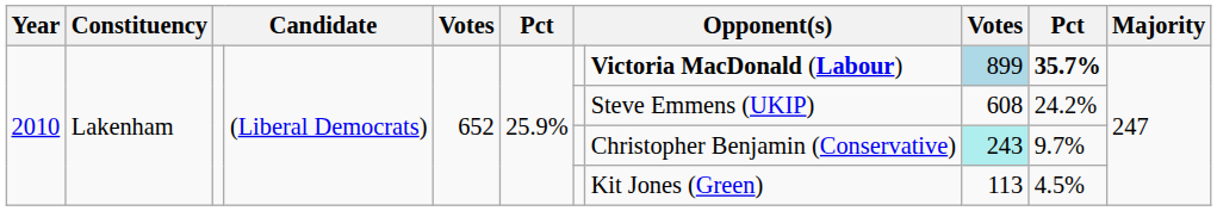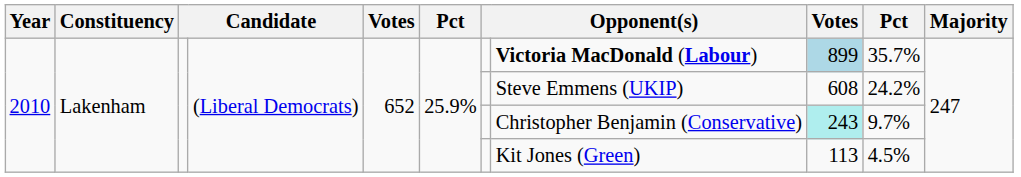 <table class="wikitable" style="margin:0.5em ; font-size:95%">
 <tr>
 <th>Year</th>
 <th>Constituency</th>
 <th colspan=2>Candidate</th>
 <th>Votes</th>
 <th>Pct</th>
 <th colspan=2>Opponent(s)</th>
 <th>Votes</th>
 <th>Pct</th>
 <th>Majority</th>
 </tr>
 <tr>
 <td rowspan=4><a href='#'>2010</a></td>
 <td rowspan=4>Lakenham</td>
 <td rowspan=4 ></td>
 <td rowspan=4> (<a href='#'>Liberal Democrats</a>)</td>
 <td rowspan=4 align="right">652</td>
 <td rowspan=4>25.9%</td>
 <td></td>
 <td><strong>Victoria MacDonald</strong> (<a href='#'><strong>Labour</strong></a>)</td>
 <td align="right" style="background: lightblue;">899</td>
-<td><strong>35.7%</strong></td>
+<td>35.7%</td>
 <td rowspan=4>247</td>
 </tr>
 <tr>
 <td></td>
 <td>Steve Emmens (<a href='#'>UKIP</a>)</td>
 <td align="right">608</td>
 <td>24.2%</td>
 </tr>
 <tr>
 <td></td>
 <td>Christopher Benjamin (<a href='#'>Conservative</a>)</td>
 <td align="right" style="background: paleturquoise;">243</td>
 <td>9.7%</td>
 </tr>
 <tr>
 <td></td>
 <td>Kit Jones (<a href='#'>Green</a>)</td>
 <td align="right">113</td>
 <td>4.5%</td>
 </tr>
 </table>
